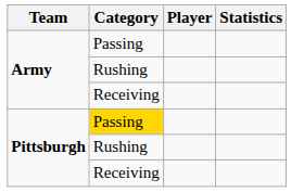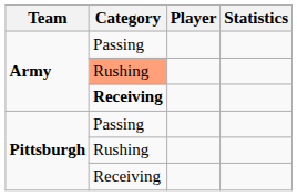 <table class="wikitable" style="float: right;">
 <tr>
 <th>Team</th>
 <th>Category</th>
 <th>Player</th>
 <th>Statistics</th>
 </tr>
 <tr>
 <td rowspan=3><strong>Army</strong></td>
 <td>Passing</td>
 <td></td>
 <td></td>
 </tr>
 <tr>
-<td>Rushing</td>
+<td style="background: lightsalmon;">Rushing</td>
 <td></td>
 <td></td>
 </tr>
 <tr>
-<td>Receiving</td>
+<td><strong>Receiving</strong></td>
 <td></td>
 <td></td>
 </tr>
 <tr>
 <td rowspan=3><strong>Pittsburgh</strong></td>
-<td style="background: gold;">Passing</td>
+<td>Passing</td>
 <td></td>
 <td></td>
 </tr>
 <tr>
 <td>Rushing</td>
 <td></td>
 <td></td>
 </tr>
 <tr>
 <td>Receiving</td>
 <td></td>
 <td></td>
 </tr>
 </table>
